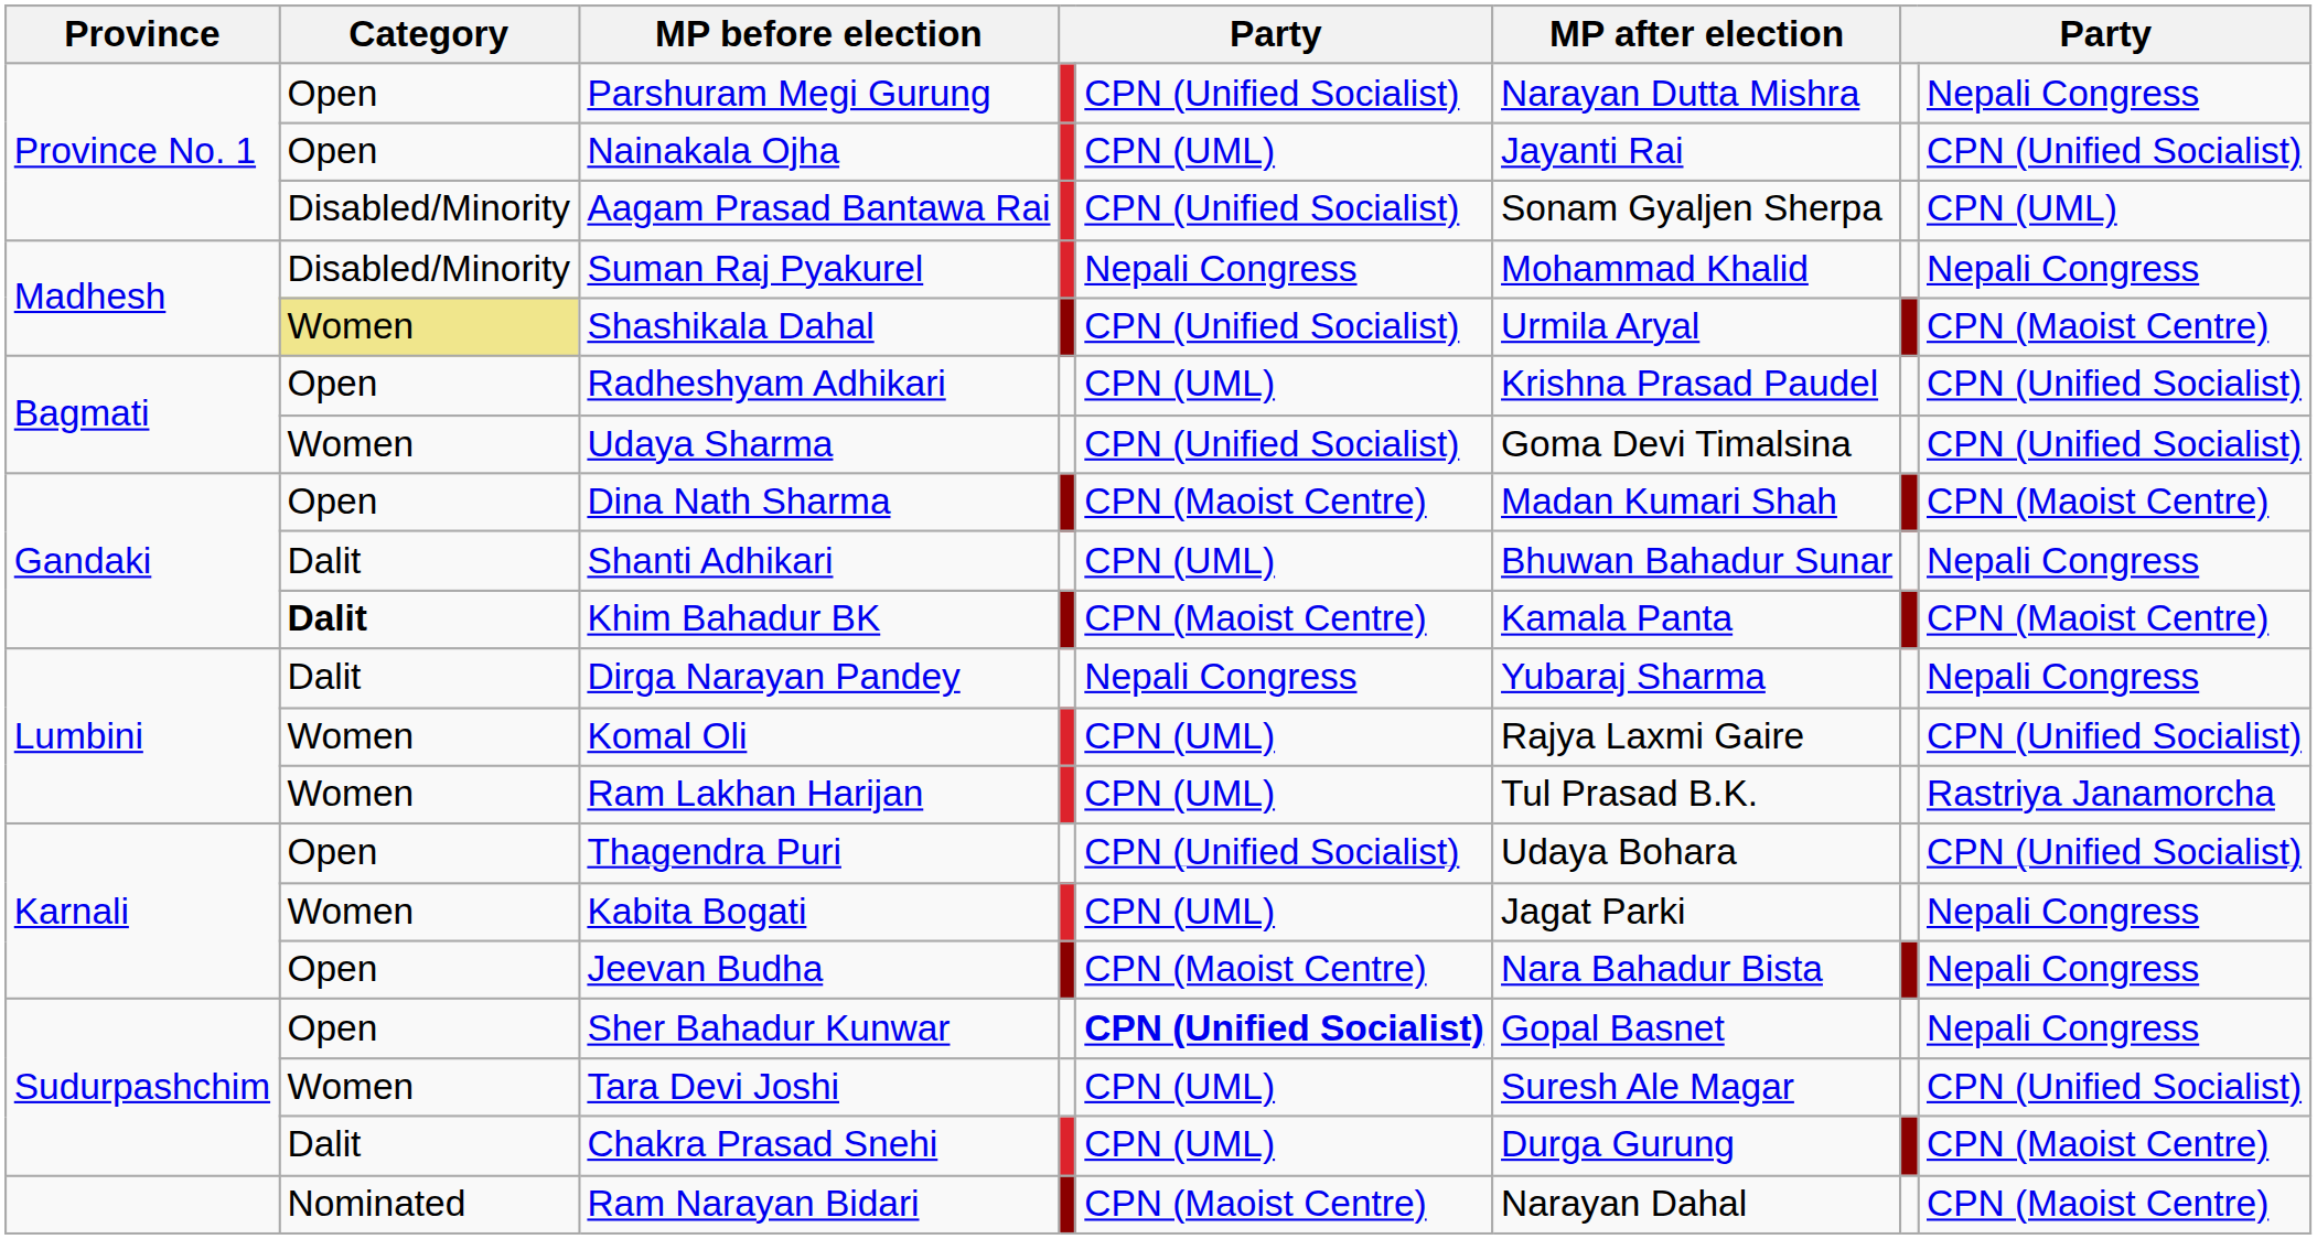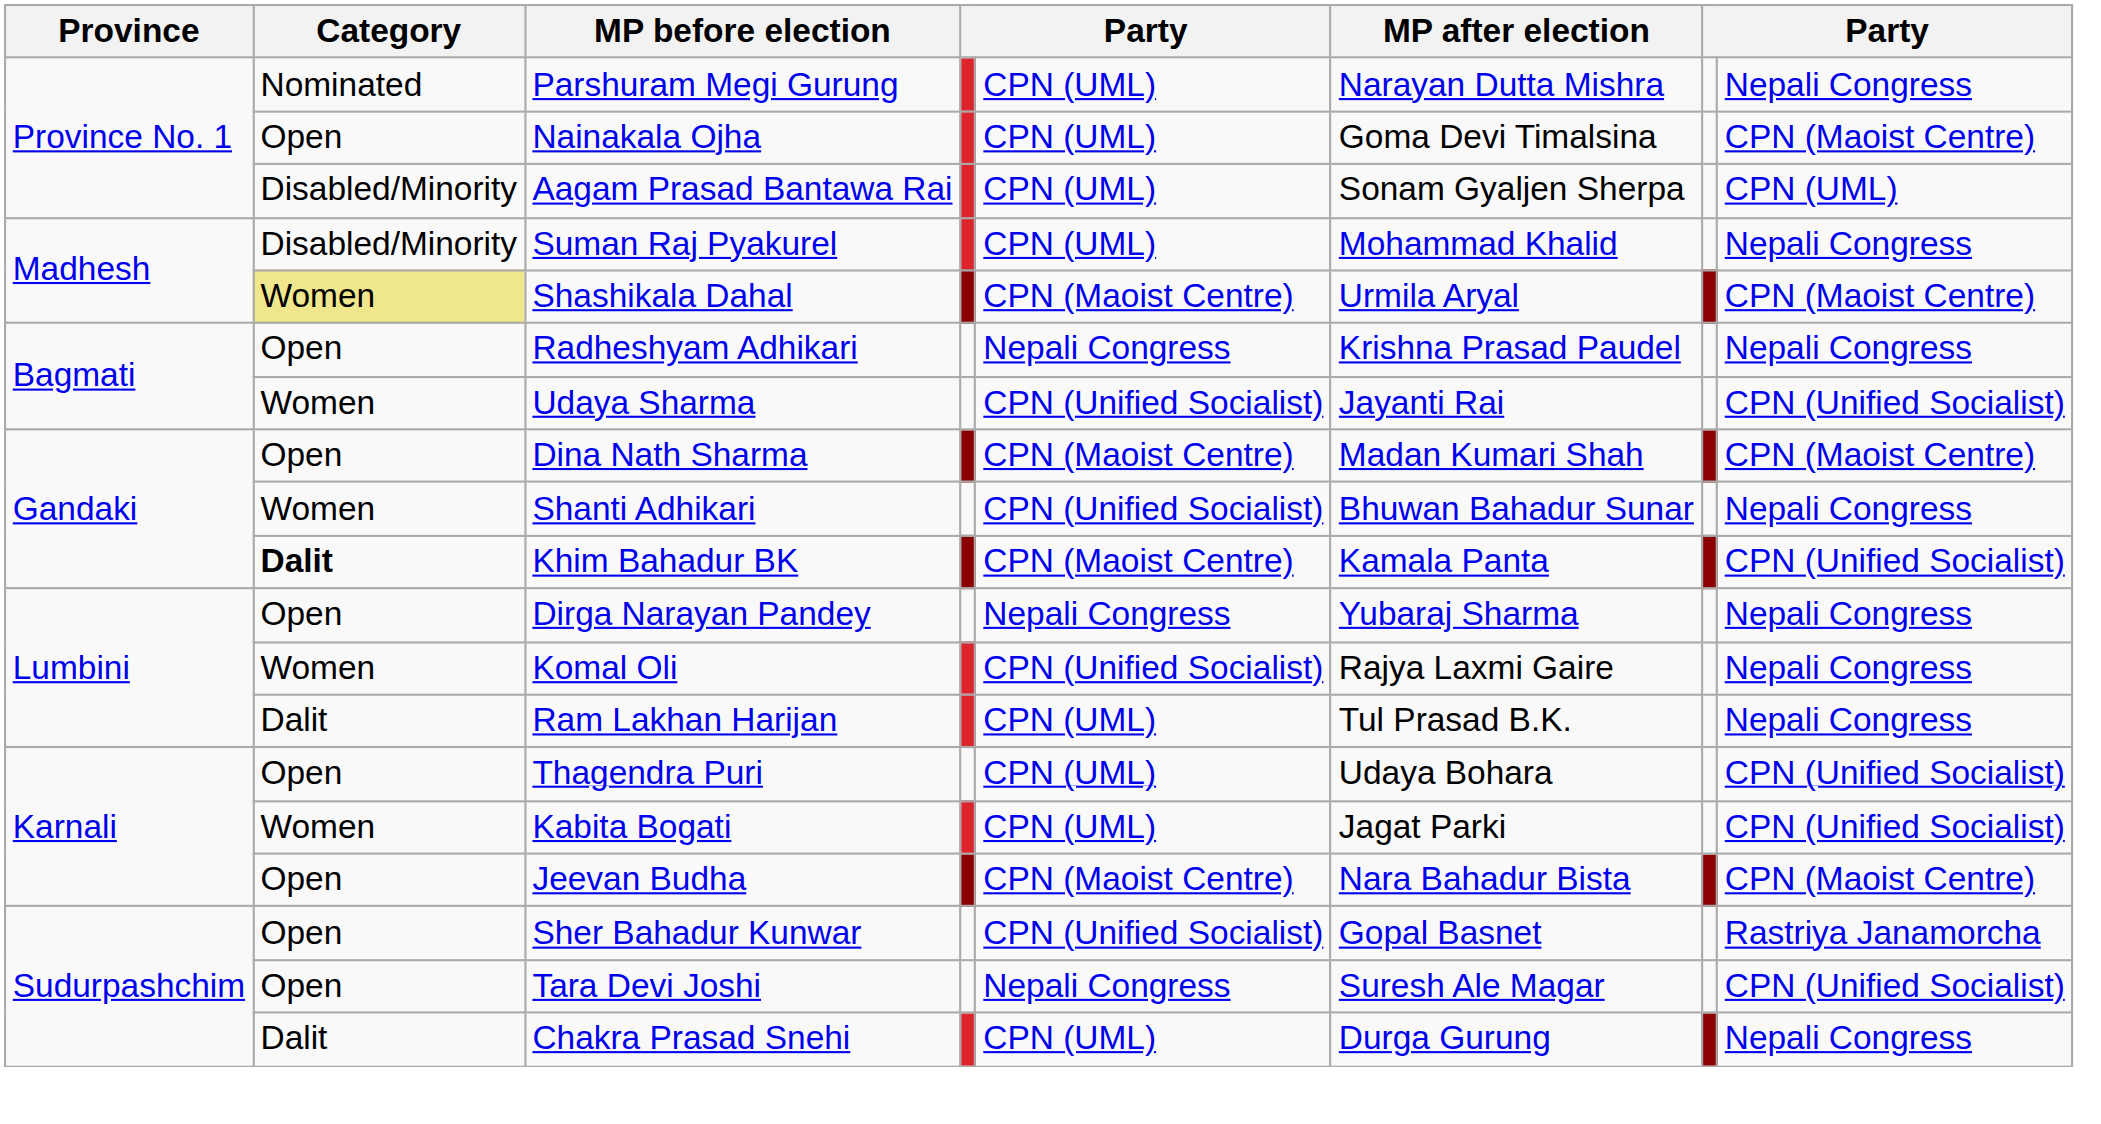 <table class="wikitable sortable">
 <tr>
 <th>Province</th>
 <th>Category</th>
 <th>MP before election</th>
 <th colspan="2" columnspan="2">Party</th>
 <th>MP after election</th>
 <th colspan="2" columnspan="2">Party</th>
 </tr>
 <tr>
 <td rowspan="3"><a href='#'>Province No. 1</a></td>
-<td>Open</td>
+<td>Nominated</td>
 <td><a href='#'>Parshuram Megi Gurung</a></td>
 <td style="background:#DD232C;"></td>
-<td><a href='#'>CPN (Unified Socialist)</a></td>
+<td><a href='#'>CPN (UML)</a></td>
 <td><a href='#'>Narayan Dutta Mishra</a></td>
 <td></td>
 <td><a href='#'>Nepali Congress</a></td>
 </tr>
 <tr>
 <td>Open</td>
 <td><a href='#'>Nainakala Ojha</a></td>
 <td style="background:#DD232C;"></td>
 <td><a href='#'>CPN (UML)</a></td>
-<td><a href='#'>Jayanti Rai</a></td>
+<td>Goma Devi Timalsina</td>
 <td style="color:inherit;background:"></td>
-<td><a href='#'>CPN (Unified Socialist)</a></td>
+<td><a href='#'>CPN (Maoist Centre)</a></td>
 </tr>
 <tr>
 <td>Disabled/Minority</td>
 <td><a href='#'>Aagam Prasad Bantawa Rai</a></td>
 <td style="background:#DD232C;"></td>
-<td><a href='#'>CPN (Unified Socialist)</a></td>
+<td><a href='#'>CPN (UML)</a></td>
 <td>Sonam Gyaljen Sherpa</td>
 <td></td>
 <td><a href='#'>CPN (UML)</a></td>
 </tr>
 <tr>
 <td rowspan="2"><a href='#'>Madhesh</a></td>
 <td>Disabled/Minority</td>
 <td><a href='#'>Suman Raj Pyakurel</a></td>
 <td style="background:#DD232C;"></td>
-<td><a href='#'>Nepali Congress</a></td>
+<td><a href='#'>CPN (UML)</a></td>
 <td><a href='#'>Mohammad Khalid</a></td>
 <td style="color:inherit;background:"></td>
 <td><a href='#'>Nepali Congress</a></td>
 </tr>
 <tr>
 <td style="background: khaki;">Women</td>
 <td><a href='#'>Shashikala Dahal</a></td>
 <td bgcolor="8B0000"></td>
-<td><a href='#'>CPN (Unified Socialist)</a></td>
+<td><a href='#'>CPN (Maoist Centre)</a></td>
 <td><a href='#'>Urmila Aryal</a></td>
 <td bgcolor="8B0000"></td>
 <td><a href='#'>CPN (Maoist Centre)</a></td>
 </tr>
 <tr>
 <td rowspan="2"><a href='#'>Bagmati</a></td>
 <td>Open</td>
 <td><a href='#'>Radheshyam Adhikari</a></td>
 <td></td>
-<td><a href='#'>CPN (UML)</a></td>
+<td><a href='#'>Nepali Congress</a></td>
 <td><a href='#'>Krishna Prasad Paudel</a></td>
 <td></td>
-<td><a href='#'>CPN (Unified Socialist)</a></td>
+<td><a href='#'>Nepali Congress</a></td>
 </tr>
 <tr>
 <td>Women</td>
 <td><a href='#'>Udaya Sharma</a></td>
 <td style="color:inherit;background:"></td>
 <td><a href='#'>CPN (Unified Socialist)</a></td>
-<td>Goma Devi Timalsina</td>
+<td><a href='#'>Jayanti Rai</a></td>
 <td style="color:inherit;background:"></td>
 <td><a href='#'>CPN (Unified Socialist)</a></td>
 </tr>
 <tr>
 <td rowspan="3"><a href='#'>Gandaki</a></td>
 <td>Open</td>
 <td><a href='#'>Dina Nath Sharma</a></td>
 <td bgcolor="8B0000"></td>
 <td><a href='#'>CPN (Maoist Centre)</a></td>
 <td><a href='#'>Madan Kumari  Shah</a></td>
 <td bgcolor="8B0000"></td>
 <td><a href='#'>CPN (Maoist Centre)</a></td>
 </tr>
 <tr>
-<td>Dalit</td>
+<td>Women</td>
 <td><a href='#'>Shanti Adhikari</a></td>
 <td style="color:inherit;background:"></td>
-<td><a href='#'>CPN (UML)</a></td>
+<td><a href='#'>CPN (Unified Socialist)</a></td>
 <td><a href='#'>Bhuwan Bahadur Sunar</a></td>
 <td></td>
 <td><a href='#'>Nepali Congress</a></td>
 </tr>
 <tr>
 <td><strong>Dalit</strong></td>
 <td><a href='#'>Khim Bahadur BK</a></td>
 <td bgcolor="8B0000"></td>
 <td><a href='#'>CPN (Maoist Centre)</a></td>
 <td><a href='#'>Kamala Panta</a></td>
 <td bgcolor="8B0000"></td>
-<td><a href='#'>CPN (Maoist Centre)</a></td>
+<td><a href='#'>CPN (Unified Socialist)</a></td>
 </tr>
 <tr>
 <td rowspan="3"><a href='#'>Lumbini</a></td>
-<td>Dalit</td>
+<td>Open</td>
 <td><a href='#'>Dirga Narayan Pandey</a></td>
 <td></td>
 <td><a href='#'>Nepali Congress</a></td>
 <td><a href='#'>Yubaraj Sharma</a></td>
 <td></td>
 <td><a href='#'>Nepali Congress</a></td>
 </tr>
 <tr>
 <td>Women</td>
 <td><a href='#'>Komal Oli</a></td>
 <td style="background:#DD232C;"></td>
-<td><a href='#'>CPN (UML)</a></td>
+<td><a href='#'>CPN (Unified Socialist)</a></td>
 <td>Rajya Laxmi Gaire</td>
 <td style="color:inherit;background:"></td>
-<td><a href='#'>CPN (Unified Socialist)</a></td>
+<td><a href='#'>Nepali Congress</a></td>
 </tr>
 <tr>
-<td>Women</td>
+<td>Dalit</td>
 <td><a href='#'>Ram Lakhan Harijan</a></td>
 <td style="background:#DD232C;"></td>
 <td><a href='#'>CPN (UML)</a></td>
 <td>Tul Prasad B.K.</td>
 <td style="color:inherit;background:"></td>
-<td><a href='#'>Rastriya Janamorcha</a></td>
+<td><a href='#'>Nepali Congress</a></td>
 </tr>
 <tr>
 <td rowspan="3"><a href='#'>Karnali</a></td>
 <td>Open</td>
 <td><a href='#'>Thagendra Puri</a></td>
 <td style="color:inherit;background:"></td>
-<td><a href='#'>CPN (Unified Socialist)</a></td>
+<td><a href='#'>CPN (UML)</a></td>
 <td>Udaya Bohara</td>
 <td style="color:inherit;background:"></td>
 <td><a href='#'>CPN (Unified Socialist)</a></td>
 </tr>
 <tr>
 <td>Women</td>
 <td><a href='#'>Kabita Bogati</a></td>
 <td style="background:#DD232C;"></td>
 <td><a href='#'>CPN (UML)</a></td>
 <td>Jagat Parki</td>
 <td></td>
-<td><a href='#'>Nepali Congress</a></td>
+<td><a href='#'>CPN (Unified Socialist)</a></td>
 </tr>
 <tr>
 <td>Open</td>
 <td><a href='#'>Jeevan Budha</a></td>
 <td bgcolor="8B0000"></td>
 <td><a href='#'>CPN (Maoist Centre)</a></td>
 <td><a href='#'>Nara Bahadur Bista</a></td>
 <td bgcolor="8B0000"></td>
-<td><a href='#'>Nepali Congress</a></td>
+<td><a href='#'>CPN (Maoist Centre)</a></td>
 </tr>
 <tr>
 <td rowspan="3"><a href='#'>Sudurpashchim</a></td>
 <td>Open</td>
 <td><a href='#'>Sher Bahadur Kunwar</a></td>
 <td style="color:inherit;background:"></td>
-<td><strong><a href='#'>CPN (Unified Socialist)</a></strong></td>
+<td><a href='#'>CPN (Unified Socialist)</a></td>
 <td><a href='#'>Gopal Basnet</a></td>
 <td></td>
-<td><a href='#'>Nepali Congress</a></td>
+<td><a href='#'>Rastriya Janamorcha</a></td>
 </tr>
 <tr>
-<td>Women</td>
+<td>Open</td>
 <td><a href='#'>Tara Devi Joshi</a></td>
 <td></td>
-<td><a href='#'>CPN (UML)</a></td>
+<td><a href='#'>Nepali Congress</a></td>
 <td><a href='#'>Suresh Ale Magar</a></td>
 <td style="color:inherit;background:"></td>
 <td><a href='#'>CPN (Unified Socialist)</a></td>
 </tr>
 <tr>
 <td>Dalit</td>
 <td><a href='#'>Chakra Prasad Snehi</a></td>
 <td style="background:#DD232C;"></td>
 <td><a href='#'>CPN (UML)</a></td>
 <td><a href='#'>Durga Gurung</a></td>
 <td bgcolor="8B0000"></td>
-<td><a href='#'>CPN (Maoist Centre)</a></td>
-</tr>
-<tr>
-<td></td>
-<td>Nominated</td>
-<td><a href='#'>Ram Narayan Bidari</a></td>
-<td bgcolor="8B0000"></td>
-<td><a href='#'>CPN (Maoist Centre)</a></td>
-<td>Narayan Dahal</td>
-<td></td>
-<td><a href='#'>CPN (Maoist Centre)</a></td>
+<td><a href='#'>Nepali Congress</a></td>
 </tr>
 </table>
